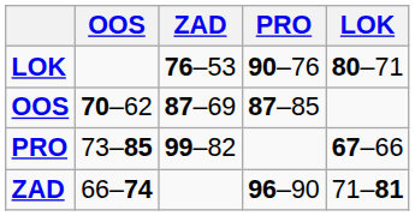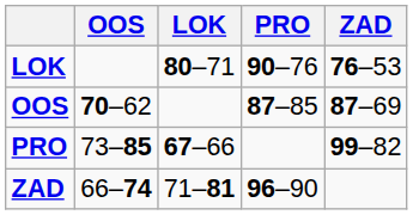 <table class="wikitable">
 <tr>
 <th></th>
 <th><strong> <a href='#'>OOS</a></strong></th>
+<th> <a href='#'><strong>LOK</strong></a></th>
+<th> <a href='#'><strong>PRO</strong></a></th>
 <th> <a href='#'><strong>ZAD</strong></a></th>
-<th> <a href='#'><strong>PRO</strong></a></th>
-<th> <a href='#'><strong>LOK</strong></a></th>
 </tr>
 <tr>
 <td> <a href='#'><strong>LOK</strong></a></td>
 <td></td>
+<td><strong>80</strong>–71</td>
+<td><strong>90</strong>–76</td>
 <td><strong>76</strong>–53</td>
-<td><strong>90</strong>–76</td>
-<td><strong>80</strong>–71</td>
 </tr>
 <tr>
 <td><strong> <a href='#'>OOS</a></strong></td>
 <td><strong>70</strong>–62</td>
+<td></td>
+<td><strong>87</strong>–85</td>
 <td><strong>87</strong>–69</td>
-<td><strong>87</strong>–85</td>
-<td></td>
 </tr>
 <tr>
 <td> <a href='#'><strong>PRO</strong></a></td>
 <td>73–<strong>85</strong></td>
+<td><strong>67</strong>–66</td>
+<td></td>
 <td><strong>99</strong>–82</td>
-<td></td>
-<td><strong>67</strong>–66</td>
 </tr>
 <tr>
 <td> <a href='#'><strong>ZAD</strong></a></td>
 <td>66–<strong>74</strong></td>
+<td>71–<strong>81</strong></td>
+<td><strong>96</strong>–90</td>
 <td></td>
-<td><strong>96</strong>–90</td>
-<td>71–<strong>81</strong></td>
 </tr>
 </table>
